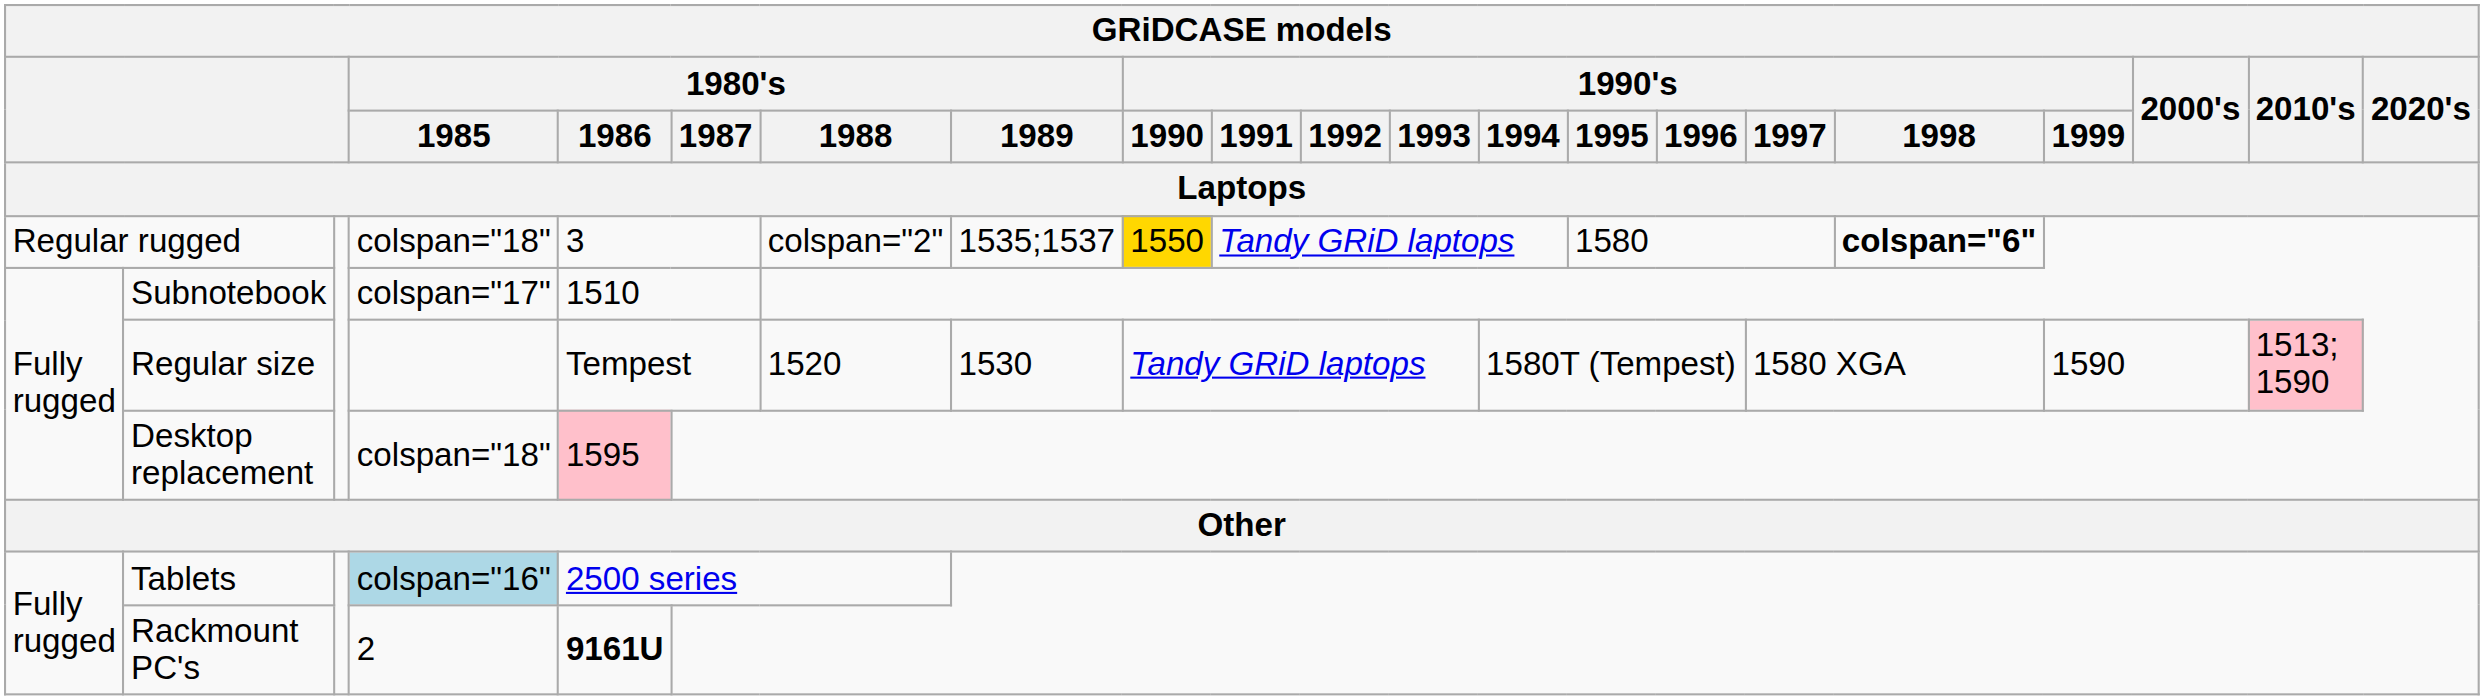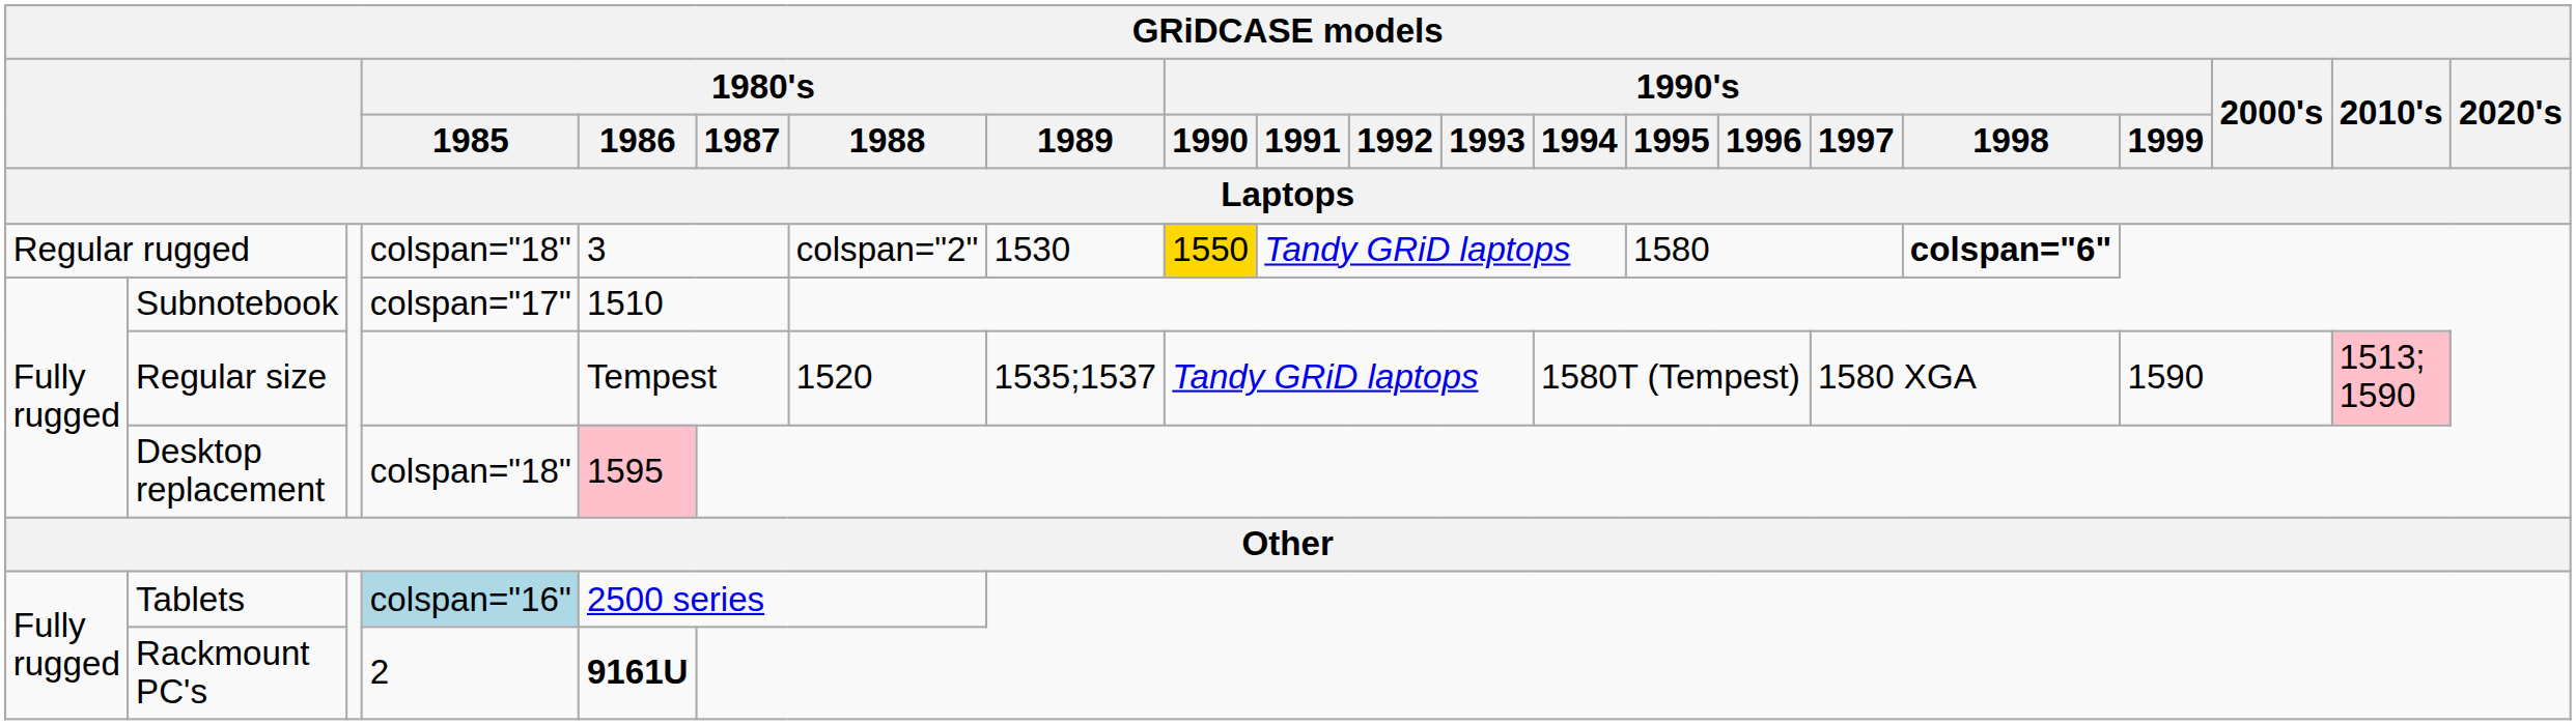 <table class="wikitable mw-collapsible">
 <tr>
 <th colspan="22">GRiDCASE models</th>
 </tr>
 <tr>
 <th colspan="3" rowspan="2"></th>
 <th colspan="5">1980's</th>
 <th colspan="10">1990's</th>
 <th colspan="2" rowspan="2">2000's</th>
 <th rowspan="2">2010's</th>
 <th rowspan="2">2020's</th>
 </tr>
 <tr>
 <th>1985</th>
 <th>1986</th>
 <th>1987</th>
 <th>1988</th>
 <th>1989</th>
 <th>1990</th>
 <th>1991</th>
 <th>1992</th>
 <th>1993</th>
 <th>1994</th>
 <th>1995</th>
 <th>1996</th>
 <th>1997</th>
 <th>1998</th>
 <th>1999</th>
 </tr>
 <tr>
 <th colspan="22">Laptops</th>
 </tr>
 <tr>
 <td colspan="2">Regular rugged</td>
 <td rowspan="4"></td>
 <td>colspan="18" </td>
 <td colspan="2">3</td>
 <td>colspan="2" </td>
-<td>1535;1537</td>
+<td>1530</td>
 <td style="background: gold;">1550</td>
 <td colspan="4"><em><a href='#'>Tandy GRiD laptops</a></em></td>
 <td colspan="3">1580</td>
 <td><strong>colspan="6" </strong></td>
 </tr>
 <tr>
 <td rowspan="3">Fully rugged</td>
 <td>Subnotebook</td>
 <td>colspan="17" </td>
 <td colspan="2">1510</td>
 </tr>
 <tr>
 <td>Regular size</td>
 <td></td>
 <td colspan="2">Tempest</td>
 <td>1520</td>
-<td>1530</td>
+<td>1535;1537</td>
 <td colspan="4"><em><a href='#'>Tandy GRiD laptops</a></em></td>
 <td colspan="3">1580T (Tempest)</td>
 <td colspan="2">1580 XGA</td>
 <td colspan="3">1590</td>
 <td style="background: pink;">1513;<br>1590</td>
 </tr>
 <tr>
 <td>Desktop replacement</td>
 <td>colspan="18" </td>
 <td style="background: pink;">1595</td>
 </tr>
 <tr>
 <th colspan="22">Other</th>
 </tr>
 <tr>
 <td rowspan="2">Fully rugged</td>
 <td>Tablets</td>
 <td rowspan="2"></td>
 <td style="background: lightblue;">colspan="16" </td>
 <td colspan="3"><a href='#'>2500 series</a></td>
 </tr>
 <tr>
 <td>Rackmount PC's</td>
 <td>2</td>
 <td><strong>9161U</strong></td>
 </tr>
 </table>
